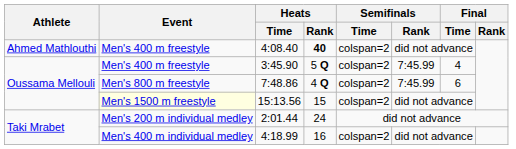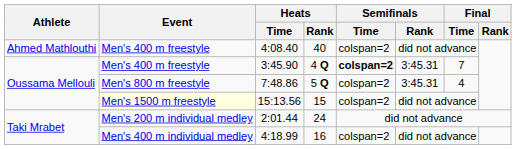 <table class=wikitable style="font-size:90%">
 <tr>
 <th rowspan="2">Athlete</th>
 <th rowspan="2">Event</th>
 <th colspan="2">Heats</th>
 <th colspan="2">Semifinals</th>
 <th colspan="2">Final</th>
 </tr>
 <tr>
 <th>Time</th>
 <th>Rank</th>
 <th>Time</th>
 <th>Rank</th>
 <th>Time</th>
 <th>Rank</th>
 </tr>
 <tr>
 <td rowspan="1"><a href='#'>Ahmed Mathlouthi</a></td>
 <td><a href='#'>Men's 400 m freestyle</a></td>
 <td align=center>4:08.40</td>
-<td align=center><strong>40</strong></td>
+<td align=center>40</td>
 <td>colspan=2 </td>
 <td align=center colspan=2>did not advance</td>
 </tr>
 <tr>
 <td rowspan="3"><a href='#'>Oussama Mellouli</a></td>
 <td><a href='#'>Men's 400 m freestyle</a></td>
 <td align=center>3:45.90</td>
-<td align=center>5 <strong>Q</strong></td>
-<td>colspan=2 </td>
-<td align=center>7:45.99</td>
-<td align=center>4</td>
+<td align=center>4 <strong>Q</strong></td>
+<td><strong>colspan=2 </strong></td>
+<td align=center>3:45.31</td>
+<td align=center>7</td>
 </tr>
 <tr>
 <td><a href='#'>Men's 800 m freestyle</a></td>
 <td align=center>7:48.86</td>
-<td align=center>4 <strong>Q</strong></td>
+<td align=center>5 <strong>Q</strong></td>
 <td>colspan=2 </td>
-<td align=center>7:45.99</td>
-<td align=center>6</td>
+<td align=center>3:45.31</td>
+<td align=center>4</td>
 </tr>
 <tr>
 <td style="background: lightyellow;"><a href='#'>Men's 1500 m freestyle</a></td>
 <td align=center>15:13.56</td>
 <td align=center>15</td>
 <td>colspan=2 </td>
 <td align=center colspan=2>did not advance</td>
 </tr>
 <tr>
 <td rowspan="2"><a href='#'>Taki Mrabet</a></td>
 <td><a href='#'>Men's 200 m individual medley</a></td>
 <td align=center>2:01.44</td>
 <td align=center>24</td>
 <td align=center colspan=4>did not advance</td>
 </tr>
 <tr>
 <td><a href='#'>Men's 400 m individual medley</a></td>
 <td align=center>4:18.99</td>
 <td align=center>16</td>
 <td>colspan=2 </td>
 <td align=center colspan=2>did not advance</td>
 </tr>
 </table>
